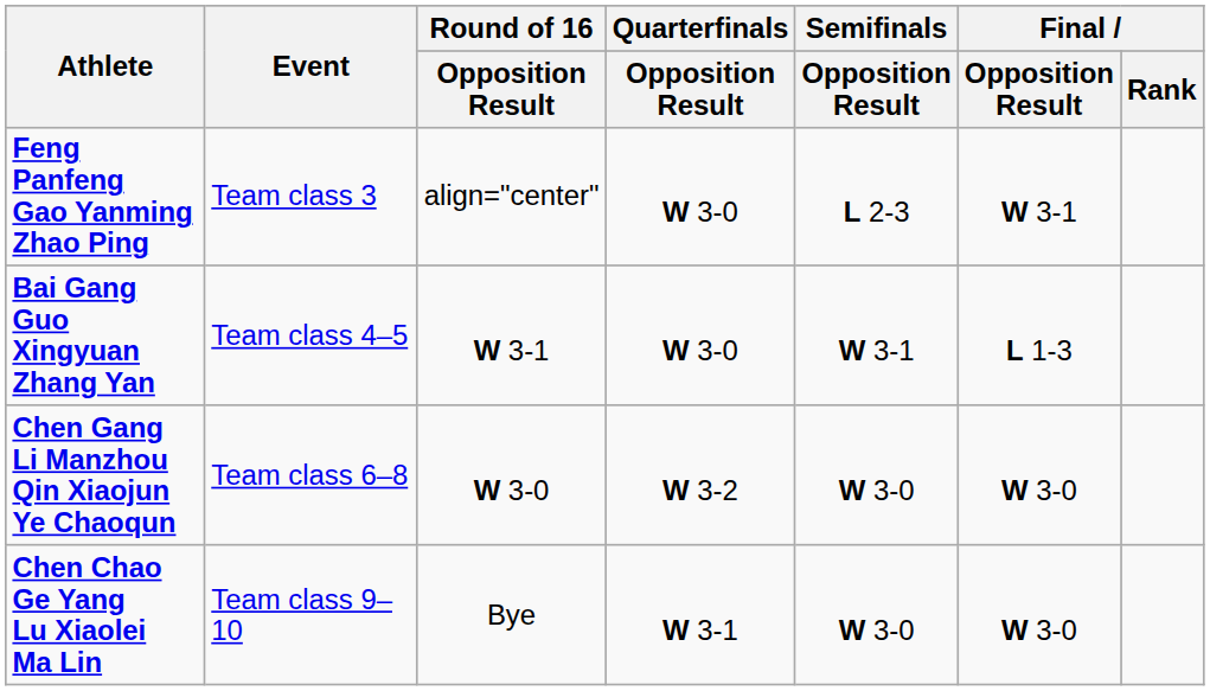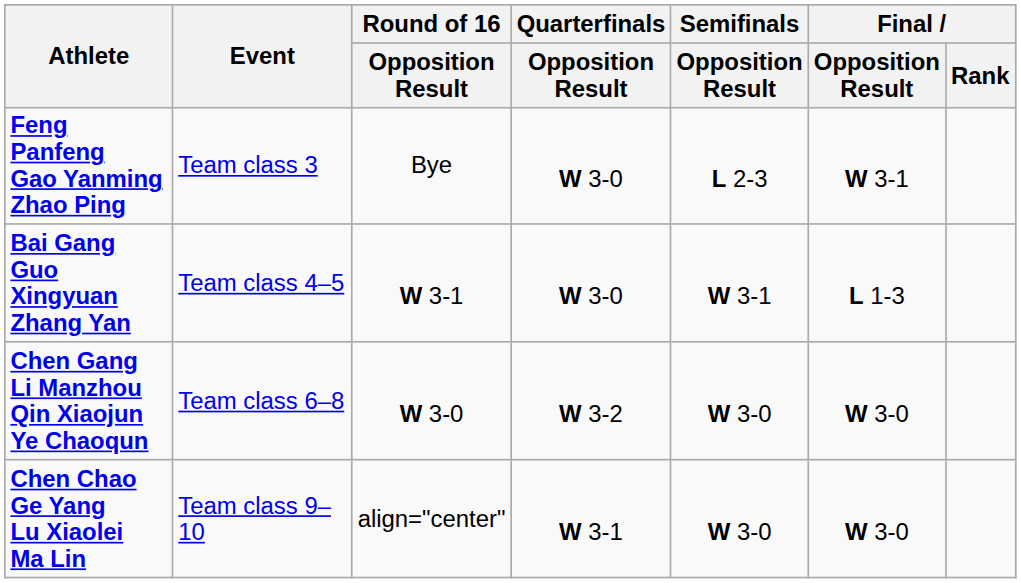 <table class=wikitable style="font-size:90%">
 <tr>
 <th rowspan="2">Athlete</th>
 <th rowspan="2">Event</th>
 <th>Round of 16</th>
 <th>Quarterfinals</th>
 <th>Semifinals</th>
 <th colspan="2">Final / </th>
 </tr>
 <tr>
 <th>Opposition<br>Result</th>
 <th>Opposition<br>Result</th>
 <th>Opposition<br>Result</th>
 <th>Opposition<br>Result</th>
 <th>Rank</th>
 </tr>
 <tr>
 <td><strong><a href='#'>Feng Panfeng</a></strong><br> <strong><a href='#'>Gao Yanming</a></strong><br> <strong><a href='#'>Zhao Ping</a></strong></td>
 <td><a href='#'>Team class 3</a></td>
-<td>align="center" </td>
+<td align="center">Bye</td>
 <td align="center"><br><strong>W</strong> 3-0</td>
 <td align="center"><br><strong>L</strong> 2-3</td>
 <td align="center"><br><strong>W</strong> 3-1</td>
 <td align="center"></td>
 </tr>
 <tr>
 <td><strong><a href='#'>Bai Gang</a></strong><br> <strong><a href='#'>Guo Xingyuan</a></strong><br> <strong><a href='#'>Zhang Yan</a></strong></td>
 <td><a href='#'>Team class 4–5</a></td>
 <td align="center"><br><strong>W</strong> 3-1</td>
 <td align="center"><br><strong>W</strong> 3-0</td>
 <td align="center"><br><strong>W</strong> 3-1</td>
 <td align="center"><br><strong>L</strong> 1-3</td>
 <td align="center"></td>
 </tr>
 <tr>
 <td><strong><a href='#'>Chen Gang</a></strong><br> <strong><a href='#'>Li Manzhou</a></strong><br> <strong><a href='#'>Qin Xiaojun</a></strong><br> <strong><a href='#'>Ye Chaoqun</a></strong></td>
 <td><a href='#'>Team class 6–8</a></td>
 <td align="center"><br><strong>W</strong> 3-0</td>
 <td align="center"><br><strong>W</strong> 3-2</td>
 <td align="center"><br><strong>W</strong> 3-0</td>
 <td align="center"><br><strong>W</strong> 3-0</td>
 <td align="center"></td>
 </tr>
 <tr>
 <td><strong><a href='#'>Chen Chao</a></strong><br> <strong><a href='#'>Ge Yang</a></strong><br> <strong><a href='#'>Lu Xiaolei</a></strong><br> <strong><a href='#'>Ma Lin</a></strong></td>
 <td><a href='#'>Team class 9–10</a></td>
-<td align="center">Bye</td>
+<td>align="center" </td>
 <td align="center"><br><strong>W</strong> 3-1</td>
 <td align="center"><br><strong>W</strong> 3-0</td>
 <td align="center"><br><strong>W</strong> 3-0</td>
 <td align="center"></td>
 </tr>
 </table>
